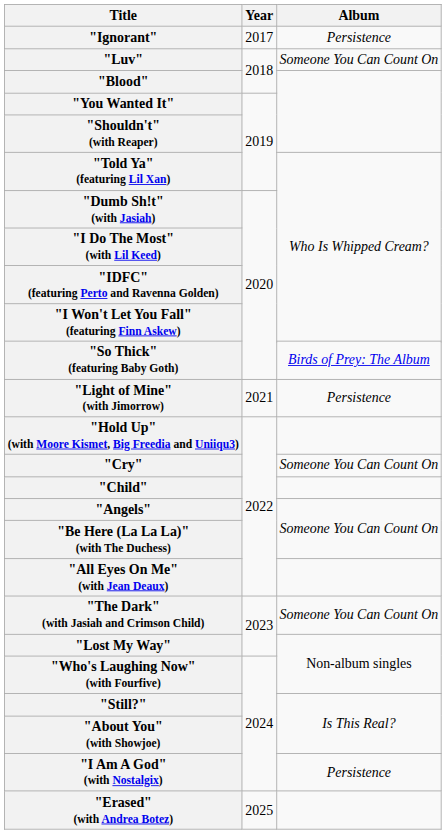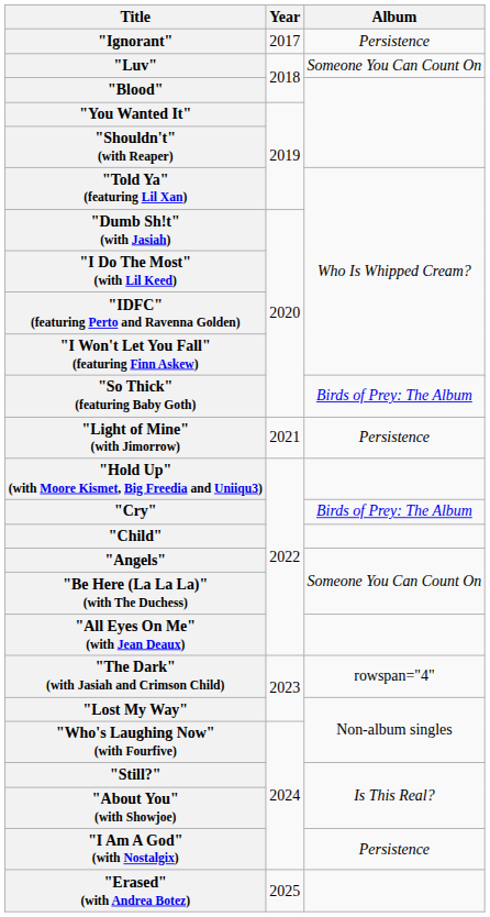 <table class="wikitable plainrowheaders" style="text-align:center;">
 <tr>
 <th scope="col">Title</th>
 <th scope="col">Year</th>
 <th scope="col">Album</th>
 </tr>
 <tr>
 <th scope="row">"Ignorant"</th>
 <td>2017</td>
 <td><em>Persistence</em></td>
 </tr>
 <tr>
 <th scope="row">"Luv"</th>
 <td rowspan="2">2018</td>
 <td><em>Someone You Can Count On</em></td>
 </tr>
 <tr>
 <th scope="row">"Blood"</th>
 </tr>
 <tr>
 <th scope="row">"You Wanted It"</th>
 <td rowspan="3">2019</td>
 </tr>
 <tr>
 <th scope="row">"Shouldn't"<br><small>(with Reaper)</small></th>
 </tr>
 <tr>
 <th scope="row">"Told Ya"<br><small>(featuring <a href='#'>Lil Xan</a>)</small></th>
 <td rowspan="6"><em>Who Is Whipped Cream?</em></td>
 </tr>
 <tr>
 <th scope="row">"Dumb Sh!t"<br><small>(with <a href='#'>Jasiah</a>)</small></th>
 <td rowspan="6">2020</td>
 </tr>
 <tr>
 <th scope="row">"I Do The Most"<br><small>(with <a href='#'>Lil Keed</a>)</small></th>
 </tr>
 <tr>
 <th scope="row">"IDFC"<br><small>(featuring <a href='#'>Perto</a> and Ravenna Golden)</small></th>
 </tr>
 <tr>
 <th scope="row">"I Won't Let You Fall"<br><small>(featuring <a href='#'>Finn Askew</a>)</small></th>
 </tr>
 <tr>
 <th scope="row" rowspan="2">"So Thick"<br><small>(featuring Baby Goth)</small></th>
 </tr>
 <tr>
 <td><em><a href='#'>Birds of Prey: The Album</a></em></td>
 </tr>
 <tr>
 <th scope="row">"Light of Mine" <br><small>(with Jimorrow)</small></th>
 <td>2021</td>
 <td><em>Persistence</em></td>
 </tr>
 <tr>
 <th scope="row">"Hold Up" <br><small>(with <a href='#'>Moore Kismet</a>, <a href='#'>Big Freedia</a> and <a href='#'>Uniiqu3</a>)</small></th>
 <td rowspan="6">2022</td>
 </tr>
 <tr>
 <th scope="row">"Cry"</th>
-<td><em>Someone You Can Count On</em></td>
+<td><em><a href='#'>Birds of Prey: The Album</a></em></td>
 </tr>
 <tr>
 <th scope="row">"Child"</th>
 <td></td>
 </tr>
 <tr>
 <th scope="row">"Angels"</th>
 <td rowspan="2"><em>Someone You Can Count On</em></td>
 </tr>
 <tr>
 <th scope="row">"Be Here (La La La)" <br><small>(with The Duchess)</small></th>
 </tr>
 <tr>
 <th scope="row">"All Eyes On Me" <br><small>(with <a href='#'>Jean Deaux</a>)</small></th>
 <td></td>
 </tr>
 <tr>
 <th scope="row">"The Dark" <br><small>(with Jasiah and Crimson Child)</small></th>
 <td rowspan="2">2023</td>
-<td><em>Someone You Can Count On</em></td>
+<td>rowspan="4" </td>
 </tr>
 <tr>
 <th scope="row">"Lost My Way"</th>
 <td rowspan="2">Non-album singles</td>
 </tr>
 <tr>
 <th scope="row">"Who's Laughing Now"<br><small>(with Fourfive)</small></th>
 <td rowspan="4">2024</td>
 </tr>
 <tr>
 <th scope="row">"Still?"</th>
 <td rowspan="2"><em>Is This Real?</em></td>
 </tr>
 <tr>
 <th scope="row">"About You"<br><small>(with Showjoe)</small></th>
 </tr>
 <tr>
 <th scope="row">"I Am A God"<br><small>(with <a href='#'>Nostalgix</a>)</small></th>
 <td><em>Persistence</em></td>
 </tr>
 <tr>
 <th scope="row">"Erased"<br><small>(with <a href='#'>Andrea Botez</a>)</small></th>
 <td>2025</td>
 </tr>
 </table>
